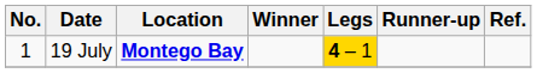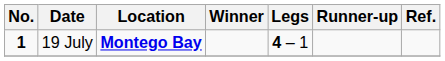 <table class="wikitable">
 <tr>
 <th>No.</th>
 <th>Date</th>
 <th>Location</th>
 <th>Winner</th>
 <th>Legs</th>
 <th>Runner-up</th>
 <th>Ref.</th>
 </tr>
 <tr>
-<td align=center>1</td>
+<td align=center><strong>1</strong></td>
 <td align=left nowrap rowspan="1">19 July</td>
 <td align="center" nowrap rowspan="1"><strong> <a href='#'>Montego Bay</a></strong></td>
 <td align="right"></td>
-<td align="center" style="background: gold;"><strong>4</strong> – 1</td>
+<td align="center"><strong>4</strong> – 1</td>
 <td></td>
 <td align="center"></td>
 </tr>
 <tr>
 </tr>
 </table>
